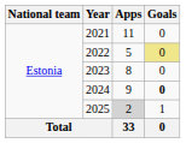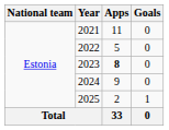 <table class="wikitable" style="text-align:center">
 <tr>
 <th>National team</th>
 <th>Year</th>
 <th>Apps</th>
 <th>Goals</th>
 </tr>
 <tr>
 <td rowspan=5><a href='#'>Estonia</a></td>
 <td>2021</td>
 <td>11</td>
 <td>0</td>
 </tr>
 <tr>
 <td>2022</td>
 <td>5</td>
-<td style="background: khaki;">0</td>
+<td>0</td>
 </tr>
 <tr>
 <td>2023</td>
-<td>8</td>
+<td><strong>8</strong></td>
 <td>0</td>
 </tr>
 <tr>
 <td>2024</td>
 <td>9</td>
-<td><strong>0</strong></td>
+<td>0</td>
 </tr>
 <tr>
 <td>2025</td>
-<td style="background: lightgrey;">2</td>
+<td>2</td>
 <td>1</td>
 </tr>
 <tr>
 <th colspan="2">Total</th>
 <th>33</th>
 <th>0</th>
 </tr>
 </table>
